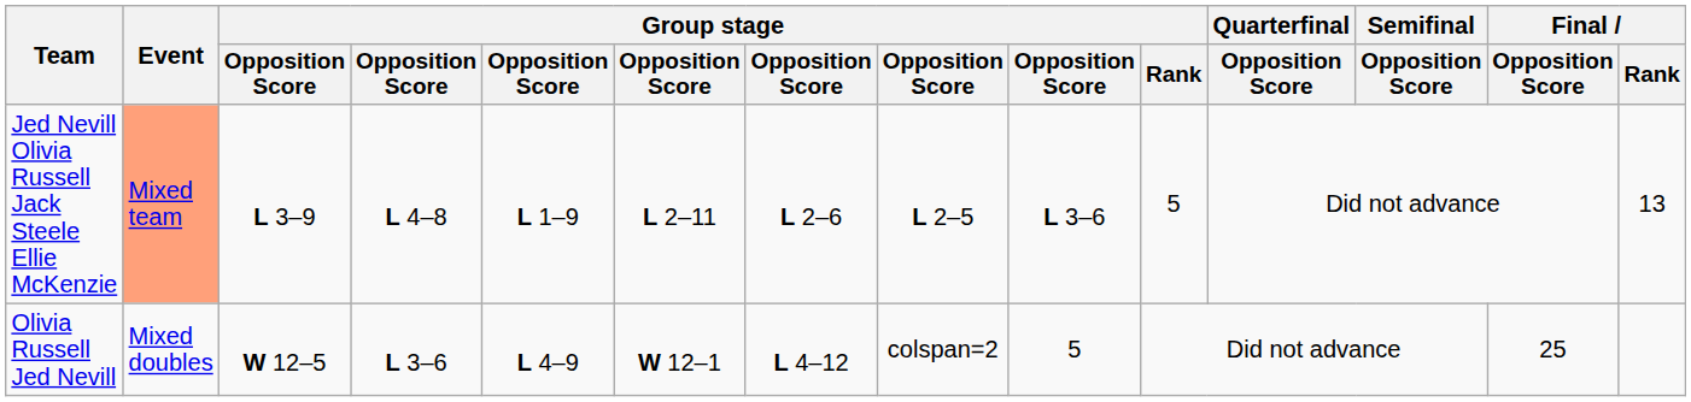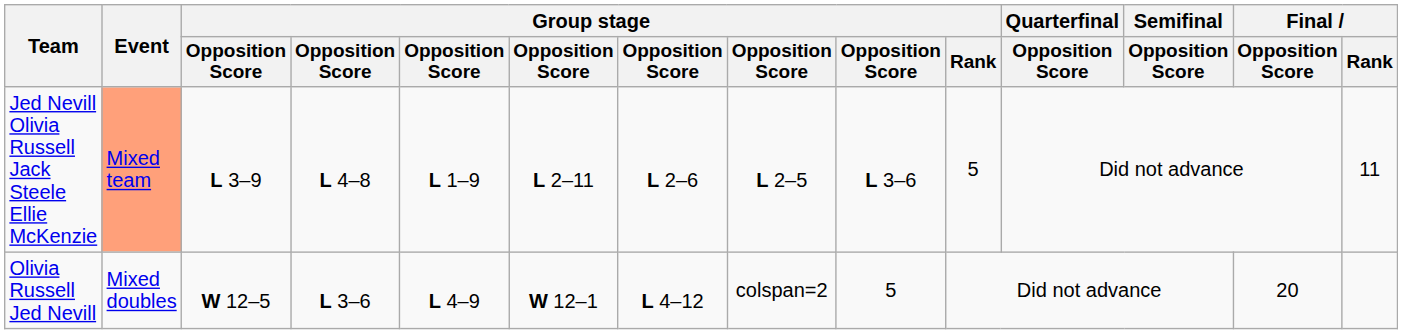 <table class="wikitable" style="font-size:90%">
 <tr>
 <th rowspan=2>Team</th>
 <th rowspan=2>Event</th>
 <th colspan=8>Group stage</th>
 <th>Quarterfinal</th>
 <th>Semifinal</th>
 <th colspan=2>Final / </th>
 </tr>
 <tr style="font-size:95%">
 <th>Opposition <br> Score</th>
 <th>Opposition <br> Score</th>
 <th>Opposition <br> Score</th>
 <th>Opposition <br> Score</th>
 <th>Opposition <br> Score</th>
 <th>Opposition <br> Score</th>
 <th>Opposition <br> Score</th>
 <th>Rank</th>
 <th>Opposition <br> Score</th>
 <th>Opposition <br> Score</th>
 <th>Opposition <br> Score</th>
 <th>Rank</th>
 </tr>
 <tr align=center>
 <td align=left><a href='#'>Jed Nevill</a><br><a href='#'>Olivia Russell</a><br><a href='#'>Jack Steele</a><br><a href='#'>Ellie McKenzie</a></td>
 <td align=left style="background: lightsalmon;"><a href='#'>Mixed team</a></td>
 <td><br><strong>L</strong> 3–9</td>
 <td><br><strong>L</strong> 4–8</td>
 <td><br><strong>L</strong> 1–9</td>
 <td><br><strong>L</strong> 2–11</td>
 <td><br><strong>L</strong> 2–6</td>
 <td><br><strong>L</strong> 2–5</td>
 <td><br><strong>L</strong> 3–6</td>
 <td>5</td>
 <td colspan=3>Did not advance</td>
-<td>13</td>
+<td>11</td>
 </tr>
 <tr align=center>
 <td align=left><a href='#'>Olivia Russell</a><br><a href='#'>Jed Nevill</a></td>
 <td align=left><a href='#'>Mixed doubles</a></td>
 <td><br><strong>W</strong> 12–5</td>
 <td><br><strong>L</strong> 3–6</td>
 <td><br><strong>L</strong> 4–9</td>
 <td><br><strong>W</strong> 12–1</td>
 <td><br><strong>L</strong> 4–12</td>
 <td>colspan=2</td>
 <td>5</td>
 <td colspan=3>Did not advance</td>
-<td>25</td>
+<td>20</td>
 </tr>
 </table>
